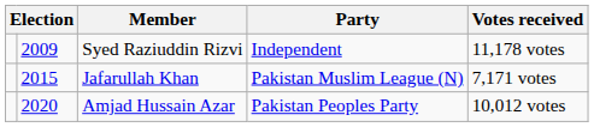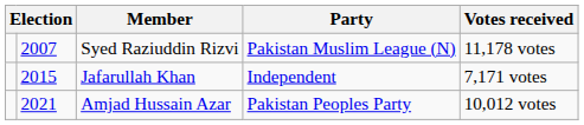 <table class="wikitable">
 <tr>
 <th colspan="2">Election</th>
 <th>Member</th>
 <th>Party</th>
 <th>Votes received</th>
 </tr>
 <tr>
 <td></td>
-<td><a href='#'>2009</a></td>
+<td><a href='#'>2007</a></td>
 <td>Syed Raziuddin Rizvi</td>
-<td><a href='#'>Independent</a></td>
+<td><a href='#'>Pakistan Muslim League (N)</a></td>
 <td>11,178 votes</td>
 </tr>
 <tr>
 <td style="background-color: "></td>
 <td><a href='#'>2015</a></td>
 <td><a href='#'>Jafarullah Khan</a></td>
-<td><a href='#'>Pakistan Muslim League (N)</a></td>
+<td><a href='#'>Independent</a></td>
 <td>7,171 votes</td>
 </tr>
 <tr>
 <td style="background-color: "></td>
-<td><a href='#'>2020</a></td>
+<td><a href='#'>2021</a></td>
 <td><a href='#'>Amjad Hussain Azar</a></td>
 <td><a href='#'>Pakistan Peoples Party</a></td>
 <td>10,012 votes</td>
 </tr>
 </table>
